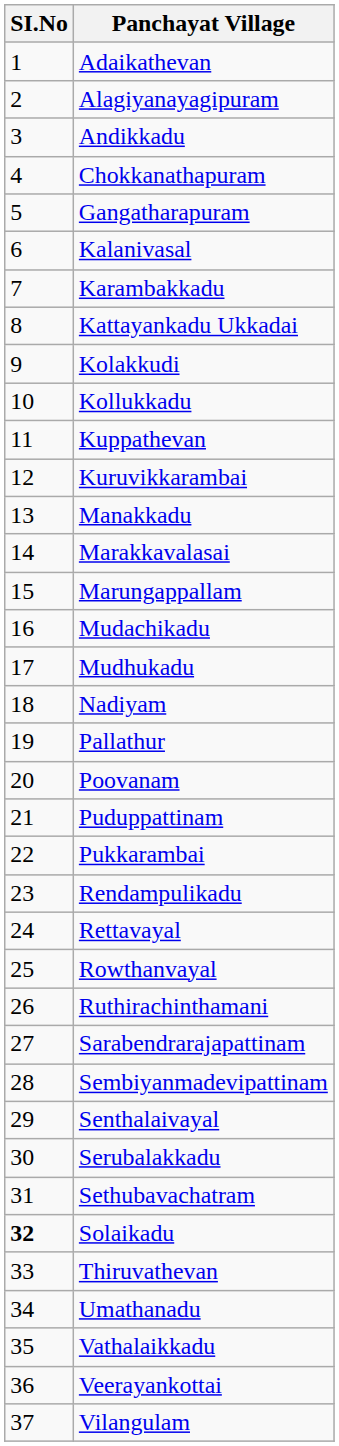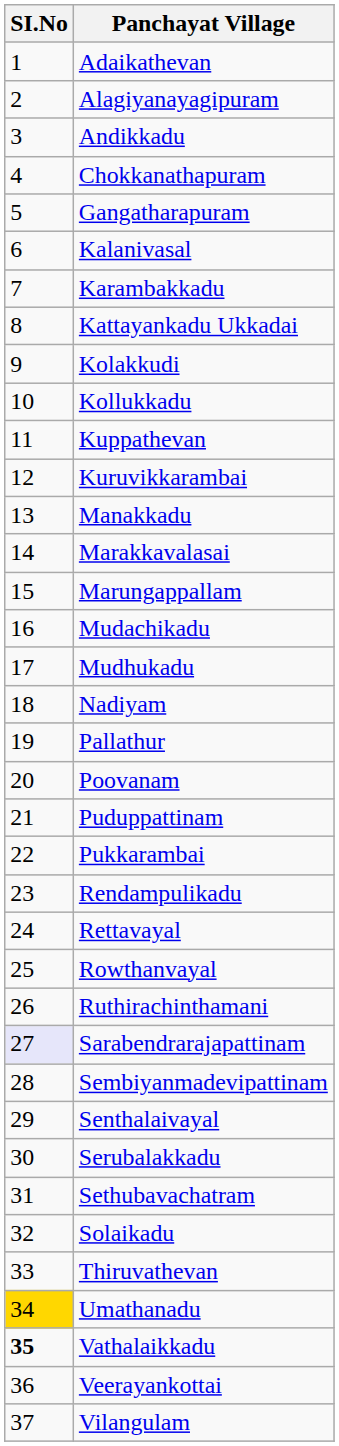 <table class="wikitable sortable">
 <tr>
 <th>SI.No</th>
 <th>Panchayat Village</th>
 </tr>
 <tr>
 <td>1</td>
 <td><a href='#'>Adaikathevan</a></td>
 </tr>
 <tr>
 <td>2</td>
 <td><a href='#'>Alagiyanayagipuram</a></td>
 </tr>
 <tr>
 <td>3</td>
 <td><a href='#'>Andikkadu</a></td>
 </tr>
 <tr>
 <td>4</td>
 <td><a href='#'>Chokkanathapuram</a></td>
 </tr>
 <tr>
 <td>5</td>
 <td><a href='#'>Gangatharapuram</a></td>
 </tr>
 <tr>
 <td>6</td>
 <td><a href='#'>Kalanivasal</a></td>
 </tr>
 <tr>
 <td>7</td>
 <td><a href='#'>Karambakkadu</a></td>
 </tr>
 <tr>
 <td>8</td>
 <td><a href='#'>Kattayankadu Ukkadai</a></td>
 </tr>
 <tr>
 <td>9</td>
 <td><a href='#'>Kolakkudi</a></td>
 </tr>
 <tr>
 <td>10</td>
 <td><a href='#'>Kollukkadu</a></td>
 </tr>
 <tr>
 <td>11</td>
 <td><a href='#'>Kuppathevan</a></td>
 </tr>
 <tr>
 <td>12</td>
 <td><a href='#'>Kuruvikkarambai</a></td>
 </tr>
 <tr>
 <td>13</td>
 <td><a href='#'>Manakkadu</a></td>
 </tr>
 <tr>
 <td>14</td>
 <td><a href='#'>Marakkavalasai</a></td>
 </tr>
 <tr>
 <td>15</td>
 <td><a href='#'>Marungappallam</a></td>
 </tr>
 <tr>
 <td>16</td>
 <td><a href='#'>Mudachikadu</a></td>
 </tr>
 <tr>
 <td>17</td>
 <td><a href='#'>Mudhukadu</a></td>
 </tr>
 <tr>
 <td>18</td>
 <td><a href='#'>Nadiyam</a></td>
 </tr>
 <tr>
 <td>19</td>
 <td><a href='#'>Pallathur</a></td>
 </tr>
 <tr>
 <td>20</td>
 <td><a href='#'>Poovanam</a></td>
 </tr>
 <tr>
 <td>21</td>
 <td><a href='#'>Puduppattinam</a></td>
 </tr>
 <tr>
 <td>22</td>
 <td><a href='#'>Pukkarambai</a></td>
 </tr>
 <tr>
 <td>23</td>
 <td><a href='#'>Rendampulikadu</a></td>
 </tr>
 <tr>
 <td>24</td>
 <td><a href='#'>Rettavayal</a></td>
 </tr>
 <tr>
 <td>25</td>
 <td><a href='#'>Rowthanvayal</a></td>
 </tr>
 <tr>
 <td>26</td>
 <td><a href='#'>Ruthirachinthamani</a></td>
 </tr>
 <tr>
-<td>27</td>
+<td style="background: lavender;">27</td>
 <td><a href='#'>Sarabendrarajapattinam</a></td>
 </tr>
 <tr>
 <td>28</td>
 <td><a href='#'>Sembiyanmadevipattinam</a></td>
 </tr>
 <tr>
 <td>29</td>
 <td><a href='#'>Senthalaivayal</a></td>
 </tr>
 <tr>
 <td>30</td>
 <td><a href='#'>Serubalakkadu</a></td>
 </tr>
 <tr>
 <td>31</td>
 <td><a href='#'>Sethubavachatram</a></td>
 </tr>
 <tr>
-<td><strong>32</strong></td>
+<td>32</td>
 <td><a href='#'>Solaikadu</a></td>
 </tr>
 <tr>
 <td>33</td>
 <td><a href='#'>Thiruvathevan</a></td>
 </tr>
 <tr>
-<td>34</td>
+<td style="background: gold;">34</td>
 <td><a href='#'>Umathanadu</a></td>
 </tr>
 <tr>
-<td>35</td>
+<td><strong>35</strong></td>
 <td><a href='#'>Vathalaikkadu</a></td>
 </tr>
 <tr>
 <td>36</td>
 <td><a href='#'>Veerayankottai</a></td>
 </tr>
 <tr>
 <td>37</td>
 <td><a href='#'>Vilangulam</a></td>
 </tr>
 </table>
